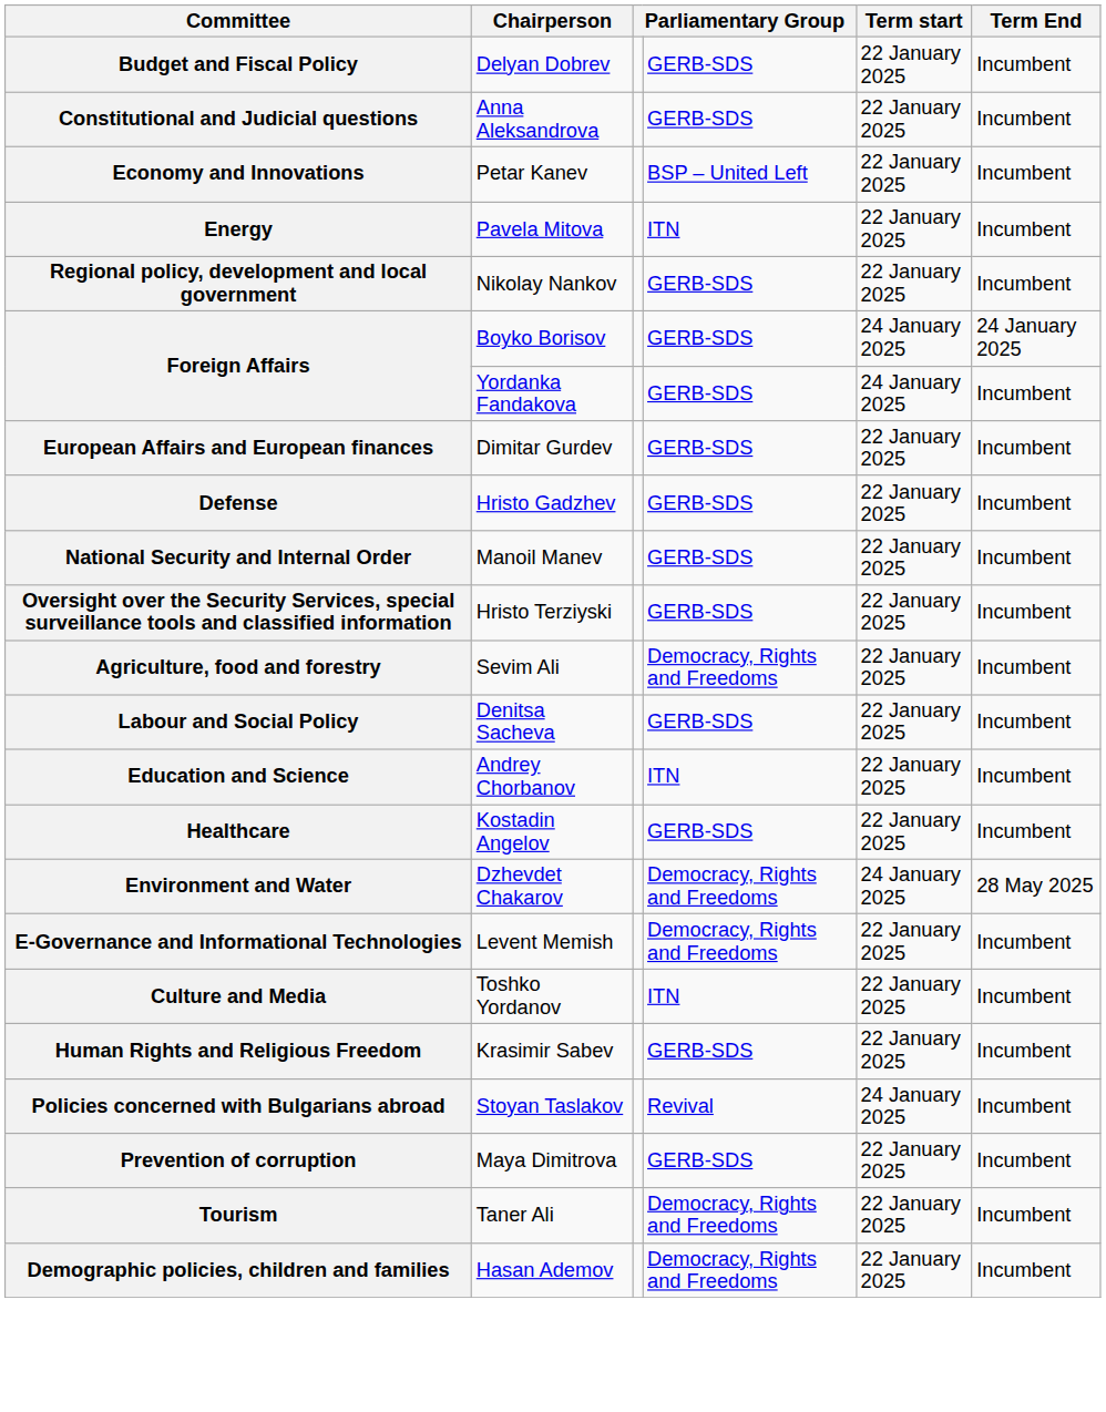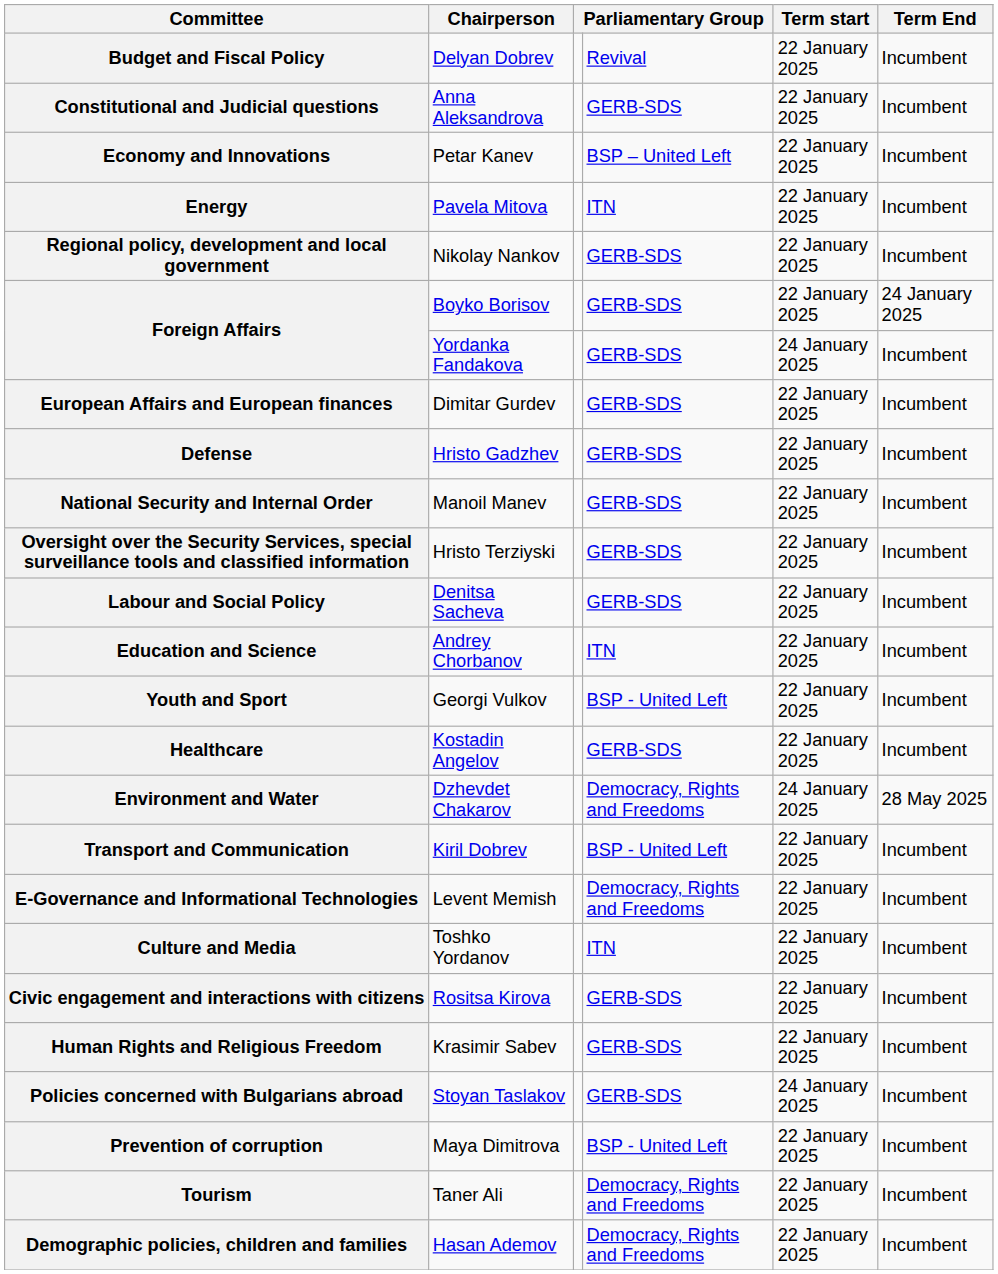 <table class="wikitable plainrowheaders">
 <tr>
 <th>Committee</th>
 <th>Chairperson</th>
 <th colspan="2">Parliamentary Group</th>
 <th>Term start</th>
 <th>Term End</th>
 </tr>
 <tr>
 <th scope="row">Budget and Fiscal Policy</th>
 <td><a href='#'>Delyan Dobrev</a></td>
 <td style="background:"></td>
-<td><a href='#'>GERB-SDS</a></td>
+<td><a href='#'>Revival</a></td>
 <td>22 January 2025</td>
 <td>Incumbent</td>
 </tr>
 <tr>
 <th scope="row">Constitutional and Judicial questions</th>
 <td><a href='#'>Anna Aleksandrova</a></td>
 <td style="background:"></td>
 <td><a href='#'>GERB-SDS</a></td>
 <td>22 January 2025</td>
 <td>Incumbent</td>
 </tr>
 <tr>
 <th scope="row">Economy and Innovations</th>
 <td>Petar Kanev</td>
 <td style="background:"></td>
 <td><a href='#'>BSP – United Left</a></td>
 <td>22 January 2025</td>
 <td>Incumbent</td>
 </tr>
 <tr>
 <th scope="row">Energy</th>
 <td><a href='#'>Pavela Mitova</a></td>
 <td style="background:"></td>
 <td><a href='#'>ITN</a></td>
 <td>22 January 2025</td>
 <td>Incumbent</td>
 </tr>
 <tr>
 <th scope="row">Regional policy, development and local government</th>
 <td>Nikolay Nankov</td>
 <td style="background:"></td>
 <td><a href='#'>GERB-SDS</a></td>
 <td>22 January 2025</td>
 <td>Incumbent</td>
 </tr>
 <tr>
 <th scope="row" rowspan="2">Foreign Affairs</th>
 <td><a href='#'>Boyko Borisov</a></td>
 <td style="background:"></td>
 <td><a href='#'>GERB-SDS</a></td>
-<td>24 January 2025</td>
+<td>22 January 2025</td>
 <td>24 January 2025</td>
 </tr>
 <tr>
 <td><a href='#'>Yordanka Fandakova</a></td>
 <td style="background:"></td>
 <td><a href='#'>GERB-SDS</a></td>
 <td>24 January 2025</td>
 <td>Incumbent</td>
 </tr>
 <tr>
 <th scope="row">European Affairs and European finances</th>
 <td>Dimitar Gurdev</td>
 <td style="background:"></td>
 <td><a href='#'>GERB-SDS</a></td>
 <td>22 January 2025</td>
 <td>Incumbent</td>
 </tr>
 <tr>
 <th scope="row">Defense</th>
 <td><a href='#'>Hristo Gadzhev</a></td>
 <td style="background:"></td>
 <td><a href='#'>GERB-SDS</a></td>
 <td>22 January 2025</td>
 <td>Incumbent</td>
 </tr>
 <tr>
 <th scope="row">National Security and Internal Order</th>
 <td>Manoil Manev</td>
 <td style="background:"></td>
 <td><a href='#'>GERB-SDS</a></td>
 <td>22 January 2025</td>
 <td>Incumbent</td>
 </tr>
 <tr>
 <th scope="row">Oversight over the Security Services, special surveillance tools and classified information</th>
 <td>Hristo Terziyski</td>
 <td style="background:"></td>
 <td><a href='#'>GERB-SDS</a></td>
 <td>22 January 2025</td>
 <td>Incumbent</td>
 </tr>
 <tr>
-<th scope="row">Agriculture, food and forestry</th>
-<td>Sevim Ali</td>
-<td style="background:"></td>
-<td><a href='#'>Democracy, Rights and Freedoms</a></td>
-<td>22 January 2025</td>
-<td>Incumbent</td>
-</tr>
-<tr>
 <th scope="row">Labour and Social Policy</th>
 <td><a href='#'>Denitsa Sacheva</a></td>
 <td style="background:"></td>
 <td><a href='#'>GERB-SDS</a></td>
 <td>22 January 2025</td>
 <td>Incumbent</td>
 </tr>
 <tr>
 <th scope="row">Education and Science</th>
 <td><a href='#'>Andrey Chorbanov</a></td>
 <td style="background:"></td>
 <td><a href='#'>ITN</a></td>
+<td>22 January 2025</td>
+<td>Incumbent</td>
+</tr>
+<tr>
+<th scope="row">Youth and Sport</th>
+<td>Georgi Vulkov</td>
+<td style="background:"></td>
+<td><a href='#'>BSP - United Left</a></td>
 <td>22 January 2025</td>
 <td>Incumbent</td>
 </tr>
 <tr>
 <th scope="row">Healthcare</th>
 <td><a href='#'>Kostadin Angelov</a></td>
 <td style="background:"></td>
 <td><a href='#'>GERB-SDS</a></td>
 <td>22 January 2025</td>
 <td>Incumbent</td>
 </tr>
 <tr>
 <th scope="row">Environment and Water</th>
 <td><a href='#'>Dzhevdet Chakarov</a></td>
 <td style="background:"></td>
 <td><a href='#'>Democracy, Rights and Freedoms</a></td>
 <td>24 January 2025</td>
 <td>28 May 2025</td>
 </tr>
 <tr>
+<th scope="row">Transport and Communication</th>
+<td><a href='#'>Kiril Dobrev</a></td>
+<td style="background:"></td>
+<td><a href='#'>BSP - United Left</a></td>
+<td>22 January 2025</td>
+<td>Incumbent</td>
+</tr>
+<tr>
 <th scope="row">E-Governance and Informational Technologies</th>
 <td>Levent Memish</td>
 <td style="background:"></td>
 <td><a href='#'>Democracy, Rights and Freedoms</a></td>
 <td>22 January 2025</td>
 <td>Incumbent</td>
 </tr>
 <tr>
 <th scope="row">Culture and Media</th>
 <td>Toshko Yordanov</td>
 <td style="background:"></td>
 <td><a href='#'>ITN</a></td>
 <td>22 January 2025</td>
 <td>Incumbent</td>
 </tr>
 <tr>
+<th scope="row">Civic engagement and interactions with citizens</th>
+<td><a href='#'>Rositsa Kirova</a></td>
+<td style="background:"></td>
+<td><a href='#'>GERB-SDS</a></td>
+<td>22 January 2025</td>
+<td>Incumbent</td>
+</tr>
+<tr>
 <th scope="row">Human Rights and Religious Freedom</th>
 <td>Krasimir Sabev</td>
 <td style="background:"></td>
 <td><a href='#'>GERB-SDS</a></td>
 <td>22 January 2025</td>
 <td>Incumbent</td>
 </tr>
 <tr>
 <th scope="row">Policies concerned with Bulgarians abroad</th>
 <td><a href='#'>Stoyan Taslakov</a></td>
 <td style="background:"></td>
-<td><a href='#'>Revival</a></td>
+<td><a href='#'>GERB-SDS</a></td>
 <td>24 January 2025</td>
 <td>Incumbent</td>
 </tr>
 <tr>
 <th scope="row">Prevention of corruption</th>
 <td>Maya Dimitrova</td>
 <td style="background:"></td>
-<td><a href='#'>GERB-SDS</a></td>
+<td><a href='#'>BSP - United Left</a></td>
 <td>22 January 2025</td>
 <td>Incumbent</td>
 </tr>
 <tr>
 <th scope="row">Tourism</th>
 <td>Taner Ali</td>
 <td style="background:"></td>
 <td><a href='#'>Democracy, Rights and Freedoms</a></td>
 <td>22 January 2025</td>
 <td>Incumbent</td>
 </tr>
 <tr>
 <th scope="row">Demographic policies, children and families</th>
 <td><a href='#'>Hasan Ademov</a></td>
 <td style="background:"></td>
 <td><a href='#'>Democracy, Rights and Freedoms</a></td>
 <td>22 January 2025</td>
 <td>Incumbent</td>
 </tr>
 </table>
